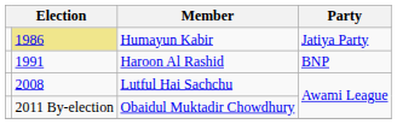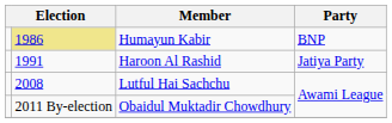 <table class="wikitable">
 <tr>
 <th colspan="2">Election</th>
 <th>Member</th>
 <th>Party</th>
 </tr>
 <tr>
 <td style="background-color:"></td>
 <td style="background: khaki;"><a href='#'>1986</a></td>
 <td><a href='#'>Humayun Kabir</a></td>
-<td><a href='#'>Jatiya Party</a></td>
+<td><a href='#'>BNP</a></td>
 </tr>
 <tr>
 <td style="background-color:"></td>
 <td><a href='#'>1991</a></td>
 <td><a href='#'>Haroon Al Rashid</a></td>
-<td><a href='#'>BNP</a></td>
+<td><a href='#'>Jatiya Party</a></td>
 </tr>
 <tr>
 <td style="background-color:"></td>
 <td><a href='#'>2008</a></td>
 <td><a href='#'>Lutful Hai Sachchu</a></td>
 <td rowspan="2"><a href='#'>Awami League</a></td>
 </tr>
 <tr>
 <td style="background-color:"></td>
 <td>2011 By-election</td>
 <td><a href='#'>Obaidul Muktadir Chowdhury</a></td>
 </tr>
 <tr>
 </tr>
 </table>
